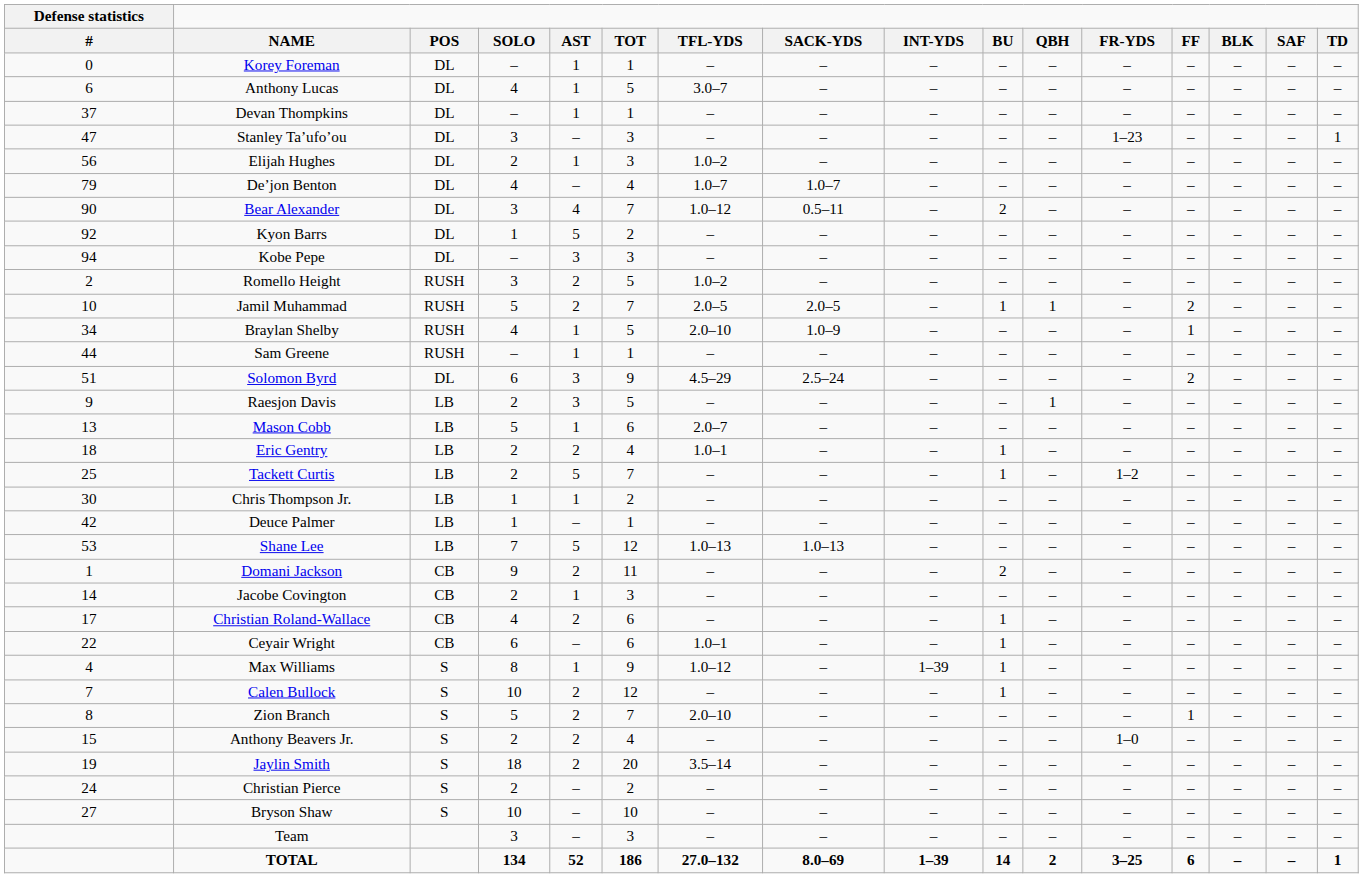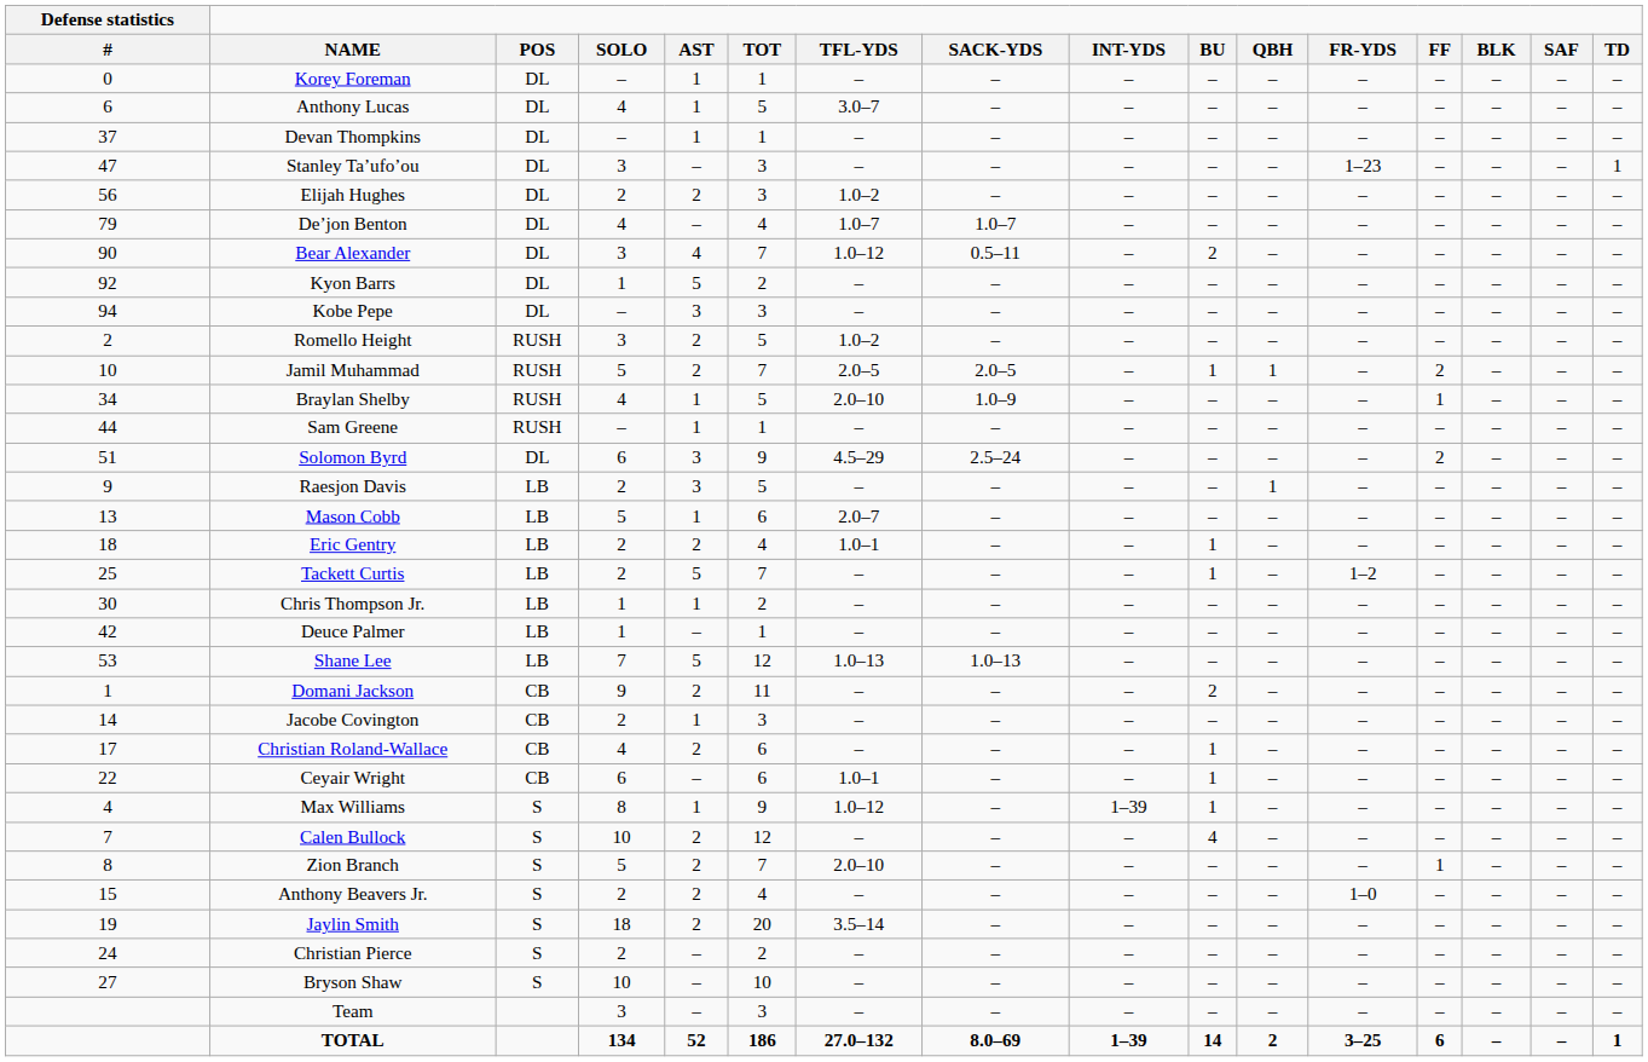 <table style="width:90%; text-align:center;" class="wikitable collapsible collapsed">
 <tr>
 <th style="text-align:center; ">Defense statistics</th>
 </tr>
 <tr>
 <th>#</th>
 <th>NAME</th>
 <th>POS</th>
 <th>SOLO</th>
 <th>AST</th>
 <th>TOT</th>
 <th>TFL-YDS</th>
 <th>SACK-YDS</th>
 <th>INT-YDS</th>
 <th>BU</th>
 <th>QBH</th>
 <th>FR-YDS</th>
 <th>FF</th>
 <th>BLK</th>
 <th>SAF</th>
 <th>TD</th>
 </tr>
 <tr>
 <td>0</td>
 <td><a href='#'>Korey Foreman</a></td>
 <td>DL</td>
 <td>–</td>
 <td>1</td>
 <td>1</td>
 <td>–</td>
 <td>–</td>
 <td>–</td>
 <td>–</td>
 <td>–</td>
 <td>–</td>
 <td>–</td>
 <td>–</td>
 <td>–</td>
 <td>–</td>
 </tr>
 <tr>
 <td>6</td>
 <td>Anthony Lucas</td>
 <td>DL</td>
 <td>4</td>
 <td>1</td>
 <td>5</td>
 <td>3.0–7</td>
 <td>–</td>
 <td>–</td>
 <td>–</td>
 <td>–</td>
 <td>–</td>
 <td>–</td>
 <td>–</td>
 <td>–</td>
 <td>–</td>
 </tr>
 <tr>
 <td>37</td>
 <td>Devan Thompkins</td>
 <td>DL</td>
 <td>–</td>
 <td>1</td>
 <td>1</td>
 <td>–</td>
 <td>–</td>
 <td>–</td>
 <td>–</td>
 <td>–</td>
 <td>–</td>
 <td>–</td>
 <td>–</td>
 <td>–</td>
 <td>–</td>
 </tr>
 <tr>
 <td>47</td>
 <td>Stanley Ta’ufo’ou</td>
 <td>DL</td>
 <td>3</td>
 <td>–</td>
 <td>3</td>
 <td>–</td>
 <td>–</td>
 <td>–</td>
 <td>–</td>
 <td>–</td>
 <td>1–23</td>
 <td>–</td>
 <td>–</td>
 <td>–</td>
 <td>1</td>
 </tr>
 <tr>
 <td>56</td>
 <td>Elijah Hughes</td>
 <td>DL</td>
 <td>2</td>
-<td>1</td>
+<td>2</td>
 <td>3</td>
 <td>1.0–2</td>
 <td>–</td>
 <td>–</td>
 <td>–</td>
 <td>–</td>
 <td>–</td>
 <td>–</td>
 <td>–</td>
 <td>–</td>
 <td>–</td>
 </tr>
 <tr>
 <td>79</td>
 <td>De’jon Benton</td>
 <td>DL</td>
 <td>4</td>
 <td>–</td>
 <td>4</td>
 <td>1.0–7</td>
 <td>1.0–7</td>
 <td>–</td>
 <td>–</td>
 <td>–</td>
 <td>–</td>
 <td>–</td>
 <td>–</td>
 <td>–</td>
 <td>–</td>
 </tr>
 <tr>
 <td>90</td>
 <td><a href='#'>Bear Alexander</a></td>
 <td>DL</td>
 <td>3</td>
 <td>4</td>
 <td>7</td>
 <td>1.0–12</td>
 <td>0.5–11</td>
 <td>–</td>
 <td>2</td>
 <td>–</td>
 <td>–</td>
 <td>–</td>
 <td>–</td>
 <td>–</td>
 <td>–</td>
 </tr>
 <tr>
 <td>92</td>
 <td>Kyon Barrs</td>
 <td>DL</td>
 <td>1</td>
 <td>5</td>
 <td>2</td>
 <td>–</td>
 <td>–</td>
 <td>–</td>
 <td>–</td>
 <td>–</td>
 <td>–</td>
 <td>–</td>
 <td>–</td>
 <td>–</td>
 <td>–</td>
 </tr>
 <tr>
 <td>94</td>
 <td>Kobe Pepe</td>
 <td>DL</td>
 <td>–</td>
 <td>3</td>
 <td>3</td>
 <td>–</td>
 <td>–</td>
 <td>–</td>
 <td>–</td>
 <td>–</td>
 <td>–</td>
 <td>–</td>
 <td>–</td>
 <td>–</td>
 <td>–</td>
 </tr>
 <tr>
 <td>2</td>
 <td>Romello Height</td>
 <td>RUSH</td>
 <td>3</td>
 <td>2</td>
 <td>5</td>
 <td>1.0–2</td>
 <td>–</td>
 <td>–</td>
 <td>–</td>
 <td>–</td>
 <td>–</td>
 <td>–</td>
 <td>–</td>
 <td>–</td>
 <td>–</td>
 </tr>
 <tr>
 <td>10</td>
 <td>Jamil Muhammad</td>
 <td>RUSH</td>
 <td>5</td>
 <td>2</td>
 <td>7</td>
 <td>2.0–5</td>
 <td>2.0–5</td>
 <td>–</td>
 <td>1</td>
 <td>1</td>
 <td>–</td>
 <td>2</td>
 <td>–</td>
 <td>–</td>
 <td>–</td>
 </tr>
 <tr>
 <td>34</td>
 <td>Braylan Shelby</td>
 <td>RUSH</td>
 <td>4</td>
 <td>1</td>
 <td>5</td>
 <td>2.0–10</td>
 <td>1.0–9</td>
 <td>–</td>
 <td>–</td>
 <td>–</td>
 <td>–</td>
 <td>1</td>
 <td>–</td>
 <td>–</td>
 <td>–</td>
 </tr>
 <tr>
 <td>44</td>
 <td>Sam Greene</td>
 <td>RUSH</td>
 <td>–</td>
 <td>1</td>
 <td>1</td>
 <td>–</td>
 <td>–</td>
 <td>–</td>
 <td>–</td>
 <td>–</td>
 <td>–</td>
 <td>–</td>
 <td>–</td>
 <td>–</td>
 <td>–</td>
 </tr>
 <tr>
 <td>51</td>
 <td><a href='#'>Solomon Byrd</a></td>
 <td>DL</td>
 <td>6</td>
 <td>3</td>
 <td>9</td>
 <td>4.5–29</td>
 <td>2.5–24</td>
 <td>–</td>
 <td>–</td>
 <td>–</td>
 <td>–</td>
 <td>2</td>
 <td>–</td>
 <td>–</td>
 <td>–</td>
 </tr>
 <tr>
 <td>9</td>
 <td>Raesjon Davis</td>
 <td>LB</td>
 <td>2</td>
 <td>3</td>
 <td>5</td>
 <td>–</td>
 <td>–</td>
 <td>–</td>
 <td>–</td>
 <td>1</td>
 <td>–</td>
 <td>–</td>
 <td>–</td>
 <td>–</td>
 <td>–</td>
 </tr>
 <tr>
 <td>13</td>
 <td><a href='#'>Mason Cobb</a></td>
 <td>LB</td>
 <td>5</td>
 <td>1</td>
 <td>6</td>
 <td>2.0–7</td>
 <td>–</td>
 <td>–</td>
 <td>–</td>
 <td>–</td>
 <td>–</td>
 <td>–</td>
 <td>–</td>
 <td>–</td>
 <td>–</td>
 </tr>
 <tr>
 <td>18</td>
 <td><a href='#'>Eric Gentry</a></td>
 <td>LB</td>
 <td>2</td>
 <td>2</td>
 <td>4</td>
 <td>1.0–1</td>
 <td>–</td>
 <td>–</td>
 <td>1</td>
 <td>–</td>
 <td>–</td>
 <td>–</td>
 <td>–</td>
 <td>–</td>
 <td>–</td>
 </tr>
 <tr>
 <td>25</td>
 <td><a href='#'>Tackett Curtis</a></td>
 <td>LB</td>
 <td>2</td>
 <td>5</td>
 <td>7</td>
 <td>–</td>
 <td>–</td>
 <td>–</td>
 <td>1</td>
 <td>–</td>
 <td>1–2</td>
 <td>–</td>
 <td>–</td>
 <td>–</td>
 <td>–</td>
 </tr>
 <tr>
 <td>30</td>
 <td>Chris Thompson Jr.</td>
 <td>LB</td>
 <td>1</td>
 <td>1</td>
 <td>2</td>
 <td>–</td>
 <td>–</td>
 <td>–</td>
 <td>–</td>
 <td>–</td>
 <td>–</td>
 <td>–</td>
 <td>–</td>
 <td>–</td>
 <td>–</td>
 </tr>
 <tr>
 <td>42</td>
 <td>Deuce Palmer</td>
 <td>LB</td>
 <td>1</td>
 <td>–</td>
 <td>1</td>
 <td>–</td>
 <td>–</td>
 <td>–</td>
 <td>–</td>
 <td>–</td>
 <td>–</td>
 <td>–</td>
 <td>–</td>
 <td>–</td>
 <td>–</td>
 </tr>
 <tr>
 <td>53</td>
 <td><a href='#'>Shane Lee</a></td>
 <td>LB</td>
 <td>7</td>
 <td>5</td>
 <td>12</td>
 <td>1.0–13</td>
 <td>1.0–13</td>
 <td>–</td>
 <td>–</td>
 <td>–</td>
 <td>–</td>
 <td>–</td>
 <td>–</td>
 <td>–</td>
 <td>–</td>
 </tr>
 <tr>
 <td>1</td>
 <td><a href='#'>Domani Jackson</a></td>
 <td>CB</td>
 <td>9</td>
 <td>2</td>
 <td>11</td>
 <td>–</td>
 <td>–</td>
 <td>–</td>
 <td>2</td>
 <td>–</td>
 <td>–</td>
 <td>–</td>
 <td>–</td>
 <td>–</td>
 <td>–</td>
 </tr>
 <tr>
 <td>14</td>
 <td>Jacobe Covington</td>
 <td>CB</td>
 <td>2</td>
 <td>1</td>
 <td>3</td>
 <td>–</td>
 <td>–</td>
 <td>–</td>
 <td>–</td>
 <td>–</td>
 <td>–</td>
 <td>–</td>
 <td>–</td>
 <td>–</td>
 <td>–</td>
 </tr>
 <tr Brown>
 <td>17</td>
 <td><a href='#'>Christian Roland-Wallace</a></td>
 <td>CB</td>
 <td>4</td>
 <td>2</td>
 <td>6</td>
 <td>–</td>
 <td>–</td>
 <td>–</td>
 <td>1</td>
 <td>–</td>
 <td>–</td>
 <td>–</td>
 <td>–</td>
 <td>–</td>
 <td>–</td>
 </tr>
 <tr>
 <td>22</td>
 <td>Ceyair Wright</td>
 <td>CB</td>
 <td>6</td>
 <td>–</td>
 <td>6</td>
 <td>1.0–1</td>
 <td>–</td>
 <td>–</td>
 <td>1</td>
 <td>–</td>
 <td>–</td>
 <td>–</td>
 <td>–</td>
 <td>–</td>
 <td>–</td>
 </tr>
 <tr>
 <td>4</td>
 <td>Max Williams</td>
 <td>S</td>
 <td>8</td>
 <td>1</td>
 <td>9</td>
 <td>1.0–12</td>
 <td>–</td>
 <td>1–39</td>
 <td>1</td>
 <td>–</td>
 <td>–</td>
 <td>–</td>
 <td>–</td>
 <td>–</td>
 <td>–</td>
 </tr>
 <tr>
 <td>7</td>
 <td><a href='#'>Calen Bullock</a></td>
 <td>S</td>
 <td>10</td>
 <td>2</td>
 <td>12</td>
 <td>–</td>
 <td>–</td>
 <td>–</td>
-<td>1</td>
+<td>4</td>
 <td>–</td>
 <td>–</td>
 <td>–</td>
 <td>–</td>
 <td>–</td>
 <td>–</td>
 </tr>
 <tr>
 <td>8</td>
 <td>Zion Branch</td>
 <td>S</td>
 <td>5</td>
 <td>2</td>
 <td>7</td>
 <td>2.0–10</td>
 <td>–</td>
 <td>–</td>
 <td>–</td>
 <td>–</td>
 <td>–</td>
 <td>1</td>
 <td>–</td>
 <td>–</td>
 <td>–</td>
 </tr>
 <tr>
 <td>15</td>
 <td>Anthony Beavers Jr.</td>
 <td>S</td>
 <td>2</td>
 <td>2</td>
 <td>4</td>
 <td>–</td>
 <td>–</td>
 <td>–</td>
 <td>–</td>
 <td>–</td>
 <td>1–0</td>
 <td>–</td>
 <td>–</td>
 <td>–</td>
 <td>–</td>
 </tr>
 <tr>
 <td>19</td>
 <td><a href='#'>Jaylin Smith</a></td>
 <td>S</td>
 <td>18</td>
 <td>2</td>
 <td>20</td>
 <td>3.5–14</td>
 <td>–</td>
 <td>–</td>
 <td>–</td>
 <td>–</td>
 <td>–</td>
 <td>–</td>
 <td>–</td>
 <td>–</td>
 <td>–</td>
 </tr>
 <tr>
 <td>24</td>
 <td>Christian Pierce</td>
 <td>S</td>
 <td>2</td>
 <td>–</td>
 <td>2</td>
 <td>–</td>
 <td>–</td>
 <td>–</td>
 <td>–</td>
 <td>–</td>
 <td>–</td>
 <td>–</td>
 <td>–</td>
 <td>–</td>
 <td>–</td>
 </tr>
 <tr>
 <td>27</td>
 <td>Bryson Shaw</td>
 <td>S</td>
 <td>10</td>
 <td>–</td>
 <td>10</td>
 <td>–</td>
 <td>–</td>
 <td>–</td>
 <td>–</td>
 <td>–</td>
 <td>–</td>
 <td>–</td>
 <td>–</td>
 <td>–</td>
 <td>–</td>
 </tr>
 <tr>
 <td></td>
 <td>Team</td>
 <td></td>
 <td>3</td>
 <td>–</td>
 <td>3</td>
 <td>–</td>
 <td>–</td>
 <td>–</td>
 <td>–</td>
 <td>–</td>
 <td>–</td>
 <td>–</td>
 <td>–</td>
 <td>–</td>
 <td>–</td>
 </tr>
 <tr>
 <td></td>
 <td><strong>TOTAL</strong></td>
 <td></td>
 <td><strong>134</strong></td>
 <td><strong>52</strong></td>
 <td><strong>186</strong></td>
 <td><strong>27.0–132</strong></td>
 <td><strong>8.0–69</strong></td>
 <td><strong>1–39</strong></td>
 <td><strong>14</strong></td>
 <td><strong>2</strong></td>
 <td><strong>3–25</strong></td>
 <td><strong>6</strong></td>
 <td><strong>–</strong></td>
 <td><strong>–</strong></td>
 <td><strong>1</strong></td>
 </tr>
 </table>
